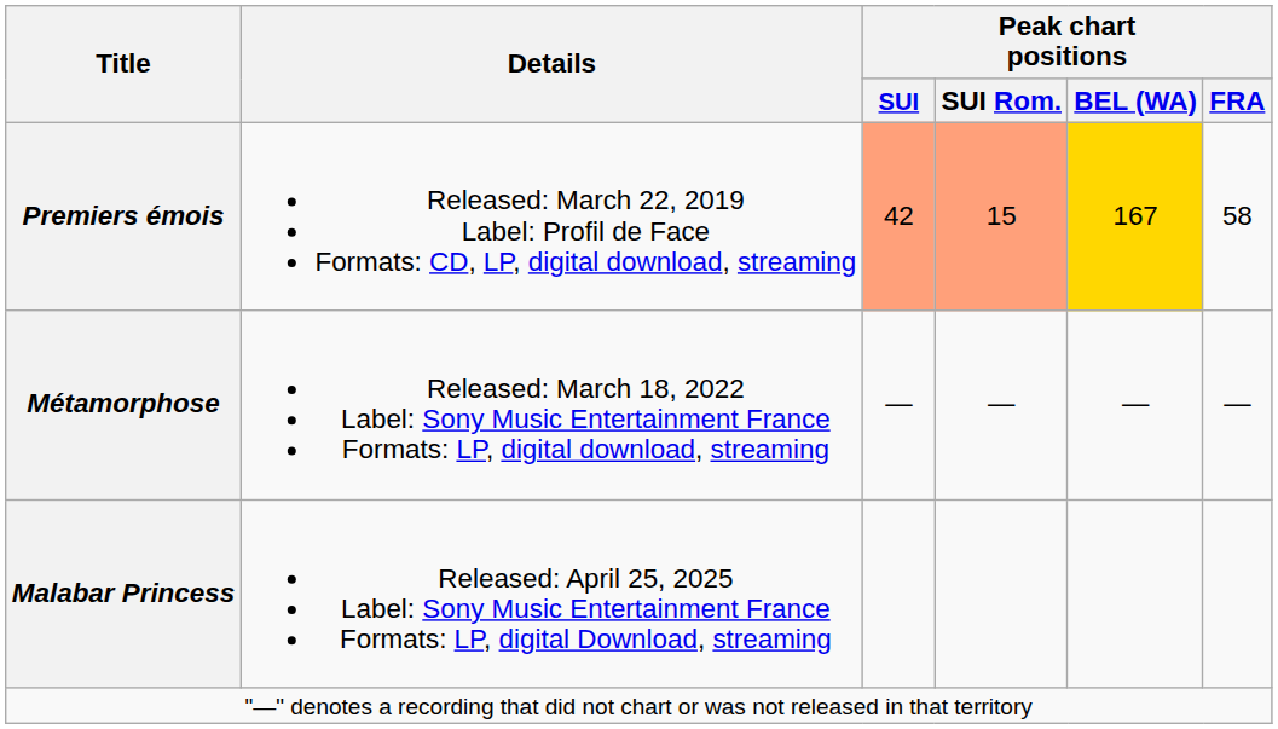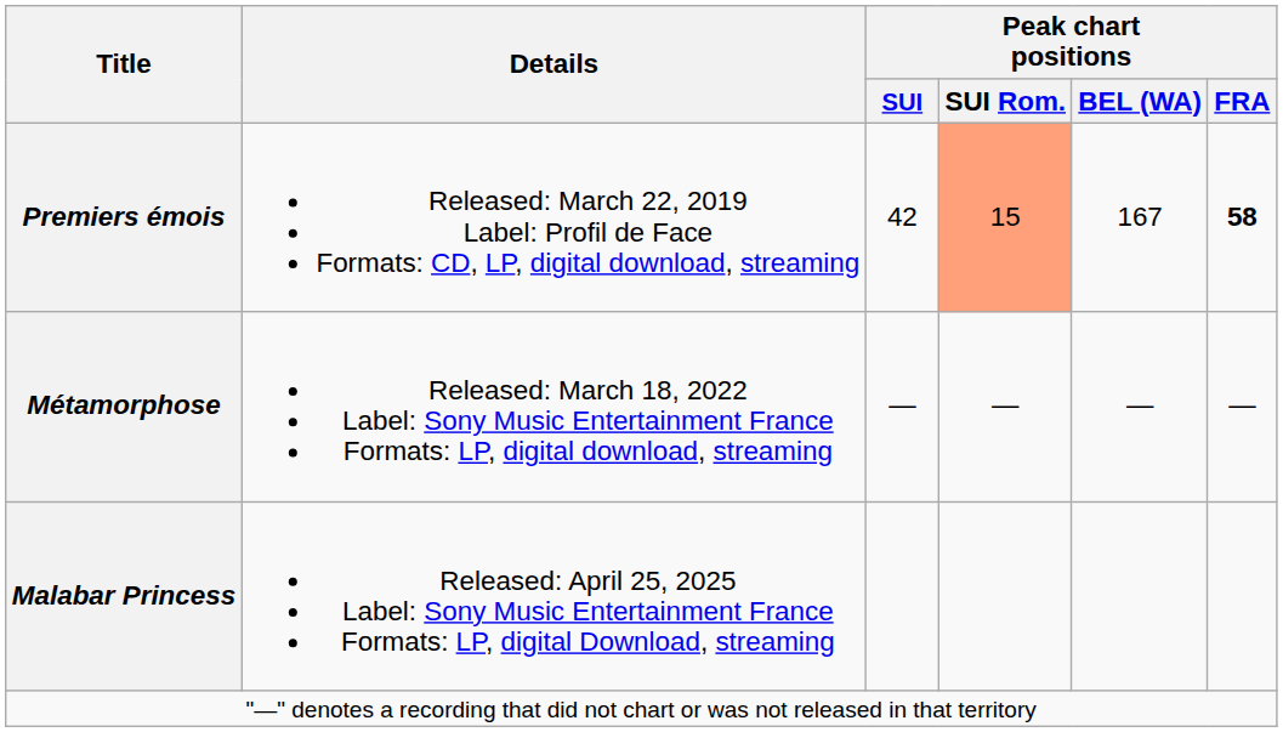 <table class="wikitable plainrowheaders" style="text-align:center">
 <tr>
 <th scope="col" rowspan="2">Title</th>
 <th scope="col" rowspan="2">Details</th>
 <th colspan="4" scope="col">Peak chart<br>positions</th>
 </tr>
 <tr>
 <th scope="col" style="font-size:90%; width:2.5em"><a href='#'>SUI</a></th>
 <th>SUI <a href='#'>Rom.</a></th>
 <th><a href='#'>BEL (WA)</a></th>
 <th><a href='#'>FRA</a></th>
 </tr>
 <tr>
 <th scope="row"><strong><em>Premiers émois</em></strong></th>
 <td><br><ul><li>Released: March 22, 2019</li><li>Label: Profil de Face</li><li>Formats: <a href='#'>CD</a>, <a href='#'>LP</a>, <a href='#'>digital download</a>, <a href='#'>streaming</a></li></ul></td>
-<td style="background: lightsalmon;">42</td>
+<td>42</td>
 <td style="background: lightsalmon;">15</td>
-<td style="background: gold;">167</td>
-<td>58</td>
+<td>167</td>
+<td><strong>58</strong></td>
 </tr>
 <tr>
 <th><em>Métamorphose</em></th>
 <td><br><ul><li>Released: March 18, 2022</li><li>Label: <a href='#'>Sony Music Entertainment France</a></li><li>Formats: <a href='#'>LP</a>, <a href='#'>digital download</a>, <a href='#'>streaming</a></li></ul></td>
 <td>—</td>
 <td>—</td>
 <td>—</td>
 <td>—</td>
 </tr>
 <tr>
 <th><em>Malabar Princess</em></th>
 <td><br><ul><li>Released: April 25, 2025</li><li>Label: <a href='#'>Sony Music Entertainment France</a></li><li>Formats: <a href='#'>LP</a>, <a href='#'>digital Download</a>, <a href='#'>streaming</a></li></ul></td>
 <td></td>
 <td></td>
 <td></td>
 <td></td>
 </tr>
 <tr>
 <td colspan="6" style="font-size:85%">"—" denotes a recording that did not chart or was not released in that territory</td>
 </tr>
 </table>
